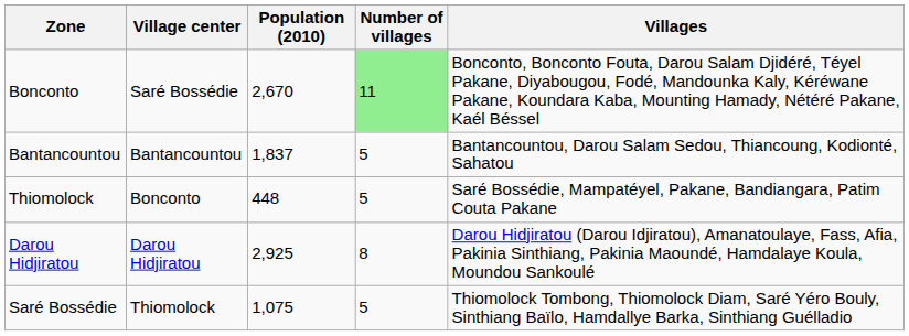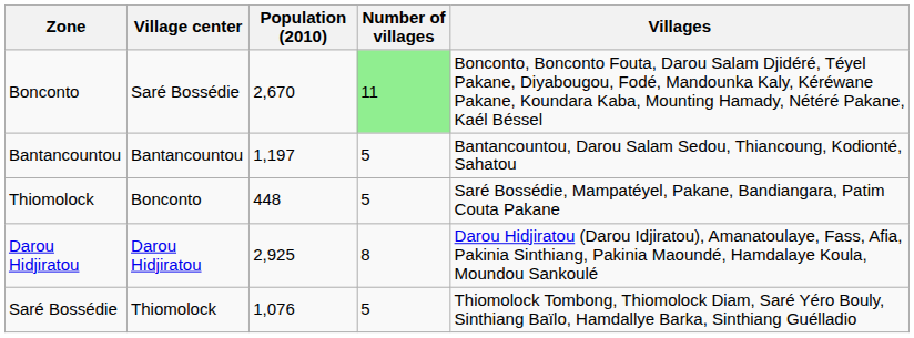 <table class="wikitable">
 <tr>
 <th>Zone</th>
 <th>Village center</th>
 <th>Population (2010)</th>
 <th>Number of villages</th>
 <th>Villages</th>
 </tr>
 <tr>
 <td>Bonconto</td>
 <td>Saré Bossédie</td>
 <td>2,670</td>
 <td style="background: lightgreen;">11</td>
 <td>Bonconto, Bonconto Fouta, Darou Salam Djidéré, Téyel Pakane, Diyabougou, Fodé, Mandounka Kaly, Kéréwane Pakane, Koundara Kaba, Mounting Hamady, Nétéré Pakane, Kaél Béssel</td>
 </tr>
 <tr>
 <td>Bantancountou</td>
 <td>Bantancountou</td>
-<td>1,837</td>
+<td>1,197</td>
 <td>5</td>
 <td>Bantancountou, Darou Salam Sedou, Thiancoung, Kodionté, Sahatou</td>
 </tr>
 <tr>
 <td>Thiomolock</td>
 <td>Bonconto</td>
 <td>448</td>
 <td>5</td>
 <td>Saré Bossédie, Mampatéyel, Pakane, Bandiangara, Patim Couta Pakane</td>
 </tr>
 <tr>
 <td><a href='#'>Darou Hidjiratou</a></td>
 <td><a href='#'>Darou Hidjiratou</a></td>
 <td>2,925</td>
 <td>8</td>
 <td><a href='#'>Darou Hidjiratou</a> (Darou Idjiratou), Amanatoulaye, Fass, Afia, Pakinia Sinthiang, Pakinia Maoundé, Hamdalaye Koula, Moundou Sankoulé</td>
 </tr>
 <tr>
 <td>Saré Bossédie</td>
 <td>Thiomolock</td>
-<td>1,075</td>
+<td>1,076</td>
 <td>5</td>
 <td>Thiomolock Tombong, Thiomolock Diam, Saré Yéro Bouly, Sinthiang Baïlo, Hamdallye Barka, Sinthiang Guélladio</td>
 </tr>
 </table>
